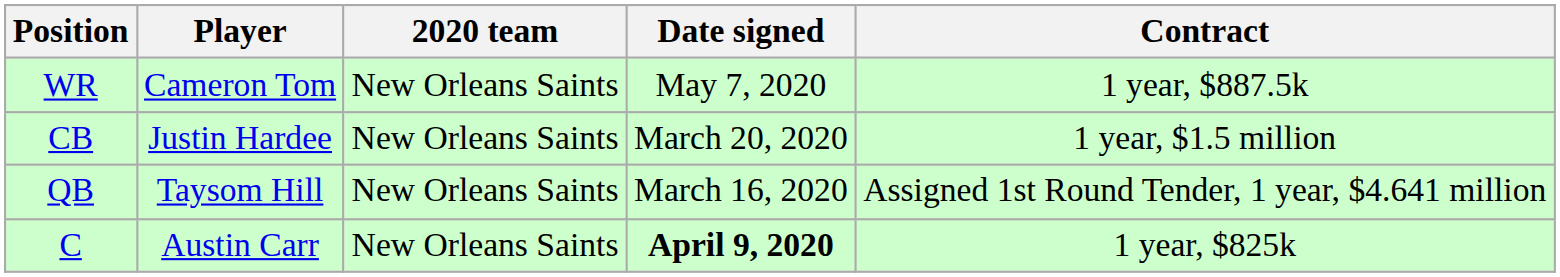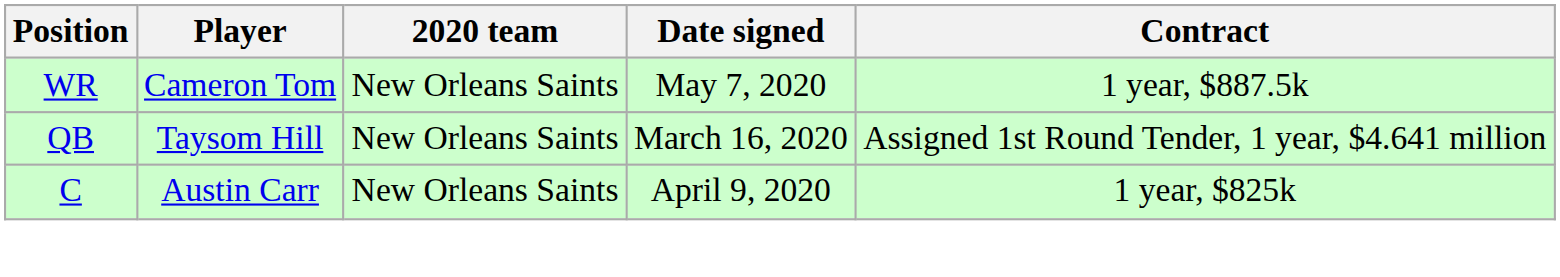 <table class="wikitable" style="text-align:center">
 <tr>
 <th>Position</th>
 <th>Player</th>
 <th>2020 team</th>
 <th>Date signed</th>
 <th>Contract</th>
 </tr>
 <tr style="background:#cfc">
 <td><a href='#'>WR</a></td>
 <td><a href='#'>Cameron Tom</a></td>
 <td>New Orleans Saints</td>
 <td>May 7, 2020</td>
 <td>1 year, $887.5k</td>
 </tr>
 <tr style="background:#cfc">
-<td><a href='#'>CB</a></td>
-<td><a href='#'>Justin Hardee</a></td>
-<td>New Orleans Saints</td>
-<td>March 20, 2020</td>
-<td>1 year, $1.5 million</td>
-</tr>
-<tr style="background:#cfc">
 <td><a href='#'>QB</a></td>
 <td><a href='#'>Taysom Hill</a></td>
 <td>New Orleans Saints</td>
 <td>March 16, 2020</td>
 <td>Assigned 1st Round Tender, 1 year, $4.641 million</td>
 </tr>
 <tr style="background:#cfc">
 <td><a href='#'>C</a></td>
 <td><a href='#'>Austin Carr</a></td>
 <td>New Orleans Saints</td>
-<td><strong>April 9, 2020</strong></td>
+<td>April 9, 2020</td>
 <td>1 year, $825k</td>
 </tr>
 </table>
